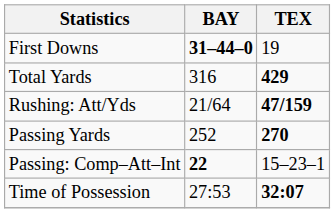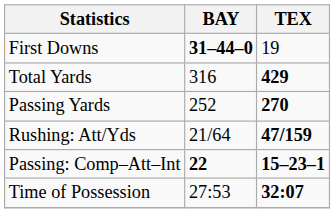 <table class="wikitable" style="float: left;">
 <tr>
 <th>Statistics</th>
 <th>BAY</th>
 <th>TEX</th>
 </tr>
 <tr>
 <td>First Downs</td>
 <td><strong>31–44–0</strong></td>
 <td>19</td>
 </tr>
 <tr>
 <td>Total Yards</td>
 <td>316</td>
 <td><strong>429</strong></td>
 </tr>
 <tr>
+<td>Passing Yards</td>
+<td>252</td>
+<td><strong>270</strong></td>
+</tr>
+<tr>
 <td>Rushing: Att/Yds</td>
 <td>21/64</td>
 <td><strong>47/159</strong></td>
 </tr>
 <tr>
-<td>Passing Yards</td>
-<td>252</td>
-<td><strong>270</strong></td>
-</tr>
-<tr>
 <td>Passing: Comp–Att–Int</td>
 <td><strong>22</strong></td>
-<td>15–23–1</td>
+<td><strong>15–23–1</strong></td>
 </tr>
 <tr>
 <td>Time of Possession</td>
 <td>27:53</td>
 <td><strong>32:07</strong></td>
 </tr>
 <tr>
 </tr>
 </table>
